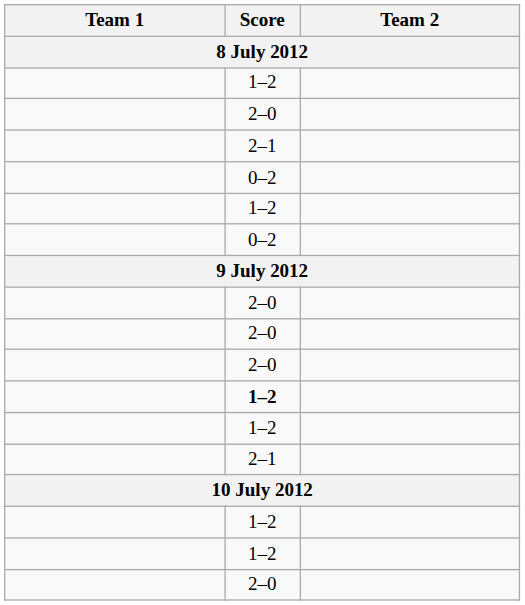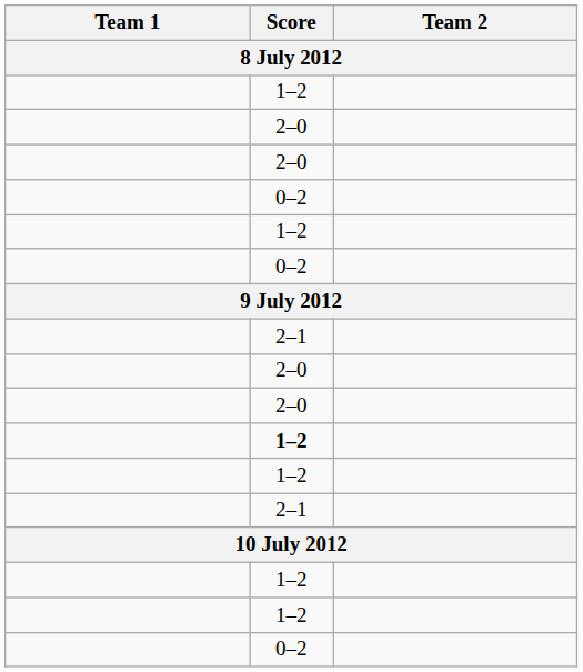 <table class="wikitable" style="text-align: center; font-size:90% ">
 <tr>
 <th align="right" width="160">Team 1</th>
 <th width="50">Score</th>
 <th align="left" width="160">Team 2</th>
 </tr>
 <tr>
 <th colspan=3>8 July 2012</th>
 </tr>
 <tr>
 <td align=right></td>
 <td align=center>1–2</td>
 <td align=left><strong></strong></td>
 </tr>
 <tr>
 <td align=right><strong></strong></td>
 <td align=center>2–0</td>
 <td align=left></td>
 </tr>
 <tr>
 <td align=right><strong></strong></td>
-<td align=center>2–1</td>
+<td align=center>2–0</td>
 <td align=left></td>
 </tr>
 <tr>
 <td align=right></td>
 <td align=center>0–2</td>
 <td align=left><strong></strong></td>
 </tr>
 <tr>
 <td align=right></td>
 <td align=center>1–2</td>
 <td align=left><strong></strong></td>
 </tr>
 <tr>
 <td align=right></td>
 <td align=center>0–2</td>
 <td align=left><strong></strong></td>
 </tr>
 <tr>
 <th colspan=3>9 July 2012</th>
 </tr>
 <tr>
 <td align=right><strong></strong></td>
-<td align=center>2–0</td>
+<td align=center>2–1</td>
 <td align=left></td>
 </tr>
 <tr>
 <td align=right><strong></strong></td>
 <td align=center>2–0</td>
 <td align=left></td>
 </tr>
 <tr>
 <td align=right><strong></strong></td>
 <td align=center>2–0</td>
 <td align=left></td>
 </tr>
 <tr>
 <td align=right></td>
 <td align=center><strong>1–2</strong></td>
 <td align=left><strong></strong></td>
 </tr>
 <tr>
 <td align=right></td>
 <td align=center>1–2</td>
 <td align=left><strong></strong></td>
 </tr>
 <tr>
 <td align=right><strong></strong></td>
 <td align=center>2–1</td>
 <td align=left></td>
 </tr>
 <tr>
 <th colspan=3>10 July 2012</th>
 </tr>
 <tr>
 <td align=right><strong></strong></td>
 <td align=center>1–2</td>
 <td align=left></td>
 </tr>
 <tr>
 <td align=right></td>
 <td align=center>1–2</td>
 <td align=left><strong></strong></td>
 </tr>
 <tr>
 <td align=right><strong></strong></td>
-<td align=center>2–0</td>
+<td align=center>0–2</td>
 <td align=left></td>
 </tr>
 </table>
